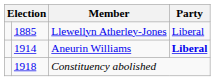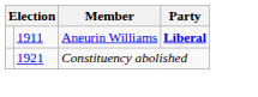 <table class="wikitable">
 <tr>
 <th colspan="2">Election</th>
 <th>Member</th>
 <th>Party</th>
 </tr>
 <tr>
 <td style="color:inherit;background-color: "></td>
-<td><a href='#'>1885</a></td>
-<td><a href='#'>Llewellyn Atherley-Jones</a></td>
-<td><a href='#'>Liberal</a></td>
-</tr>
-<tr>
-<td style="color:inherit;background-color: "></td>
-<td><a href='#'>1914</a></td>
+<td><a href='#'>1911</a></td>
 <td><a href='#'>Aneurin Williams</a></td>
 <td><strong><a href='#'>Liberal</a></strong></td>
 </tr>
 <tr>
 <td></td>
-<td><a href='#'>1918</a></td>
+<td><a href='#'>1921</a></td>
 <td colspan="2"><em>Constituency abolished</em></td>
 </tr>
 </table>
